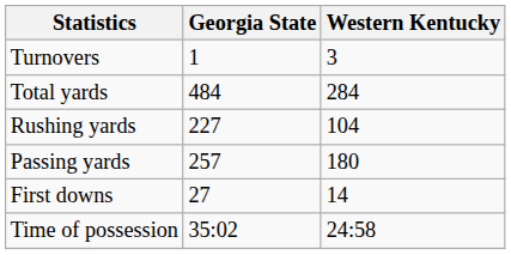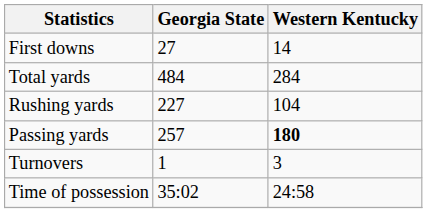 <table class="wikitable">
 <tr>
 <th>Statistics</th>
 <th>Georgia State</th>
 <th>Western Kentucky</th>
 </tr>
 <tr>
-<td>Turnovers</td>
-<td>1</td>
-<td>3</td>
+<td>First downs</td>
+<td>27</td>
+<td>14</td>
 </tr>
 <tr>
 <td>Total yards</td>
 <td>484</td>
 <td>284</td>
 </tr>
 <tr>
 <td>Rushing yards</td>
 <td>227</td>
 <td>104</td>
 </tr>
 <tr>
 <td>Passing yards</td>
 <td>257</td>
-<td>180</td>
+<td><strong>180</strong></td>
 </tr>
 <tr>
-<td>First downs</td>
-<td>27</td>
-<td>14</td>
+<td>Turnovers</td>
+<td>1</td>
+<td>3</td>
 </tr>
 <tr>
 <td>Time of possession</td>
 <td>35:02</td>
 <td>24:58</td>
 </tr>
 <tr>
 </tr>
 </table>
